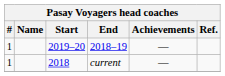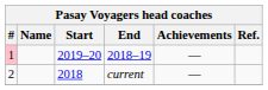 <table class="wikitable sortable">
 <tr>
 <th colspan="6">Pasay Voyagers head coaches</th>
 </tr>
 <tr>
 <th>#</th>
 <th>Name</th>
 <th>Start</th>
 <th>End</th>
 <th>Achievements</th>
 <th>Ref.</th>
 </tr>
 <tr>
-<td align=center>1</td>
+<td align=center style="background: pink;">1</td>
 <td></td>
 <td><a href='#'>2019–20</a></td>
 <td><a href='#'>2018–19</a></td>
 <td align=center>—</td>
 <td></td>
 </tr>
 <tr>
-<td align=center>1</td>
+<td align=center>2</td>
 <td></td>
 <td><a href='#'>2018</a></td>
 <td><em>current</em></td>
 <td align=center>—</td>
 <td></td>
 </tr>
 <tr>
 </tr>
 </table>
